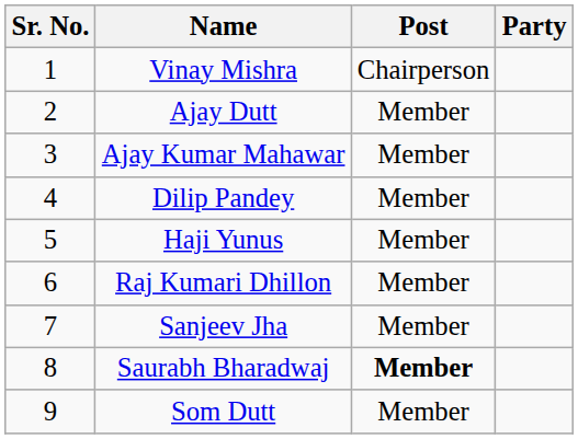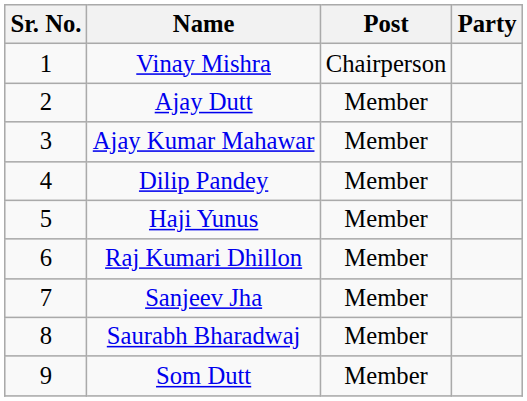 <table class="wikitable sortable">
 <tr>
 <th>Sr. No.</th>
 <th>Name</th>
 <th>Post</th>
 <th colspan="2">Party</th>
 </tr>
 <tr align="center">
 <td>1</td>
 <td><a href='#'>Vinay Mishra</a></td>
 <td>Chairperson</td>
 <td></td>
 </tr>
 <tr align="center">
 <td>2</td>
 <td><a href='#'>Ajay Dutt</a></td>
 <td>Member</td>
 <td></td>
 </tr>
 <tr align="center">
 <td>3</td>
 <td><a href='#'>Ajay Kumar Mahawar</a></td>
 <td>Member</td>
 <td></td>
 </tr>
 <tr align="center">
 <td>4</td>
 <td><a href='#'>Dilip Pandey</a></td>
 <td>Member</td>
 <td></td>
 </tr>
 <tr align="center">
 <td>5</td>
 <td><a href='#'>Haji Yunus</a></td>
 <td>Member</td>
 <td></td>
 </tr>
 <tr align="center">
 <td>6</td>
 <td><a href='#'>Raj Kumari Dhillon</a></td>
 <td>Member</td>
 <td></td>
 </tr>
 <tr align="center">
 <td>7</td>
 <td><a href='#'>Sanjeev Jha</a></td>
 <td>Member</td>
 <td></td>
 </tr>
 <tr align="center">
 <td>8</td>
 <td><a href='#'>Saurabh Bharadwaj</a></td>
-<td><strong>Member</strong></td>
+<td>Member</td>
 <td></td>
 </tr>
 <tr align="center">
 <td>9</td>
 <td><a href='#'>Som Dutt</a></td>
 <td>Member</td>
 <td></td>
 </tr>
 </table>
